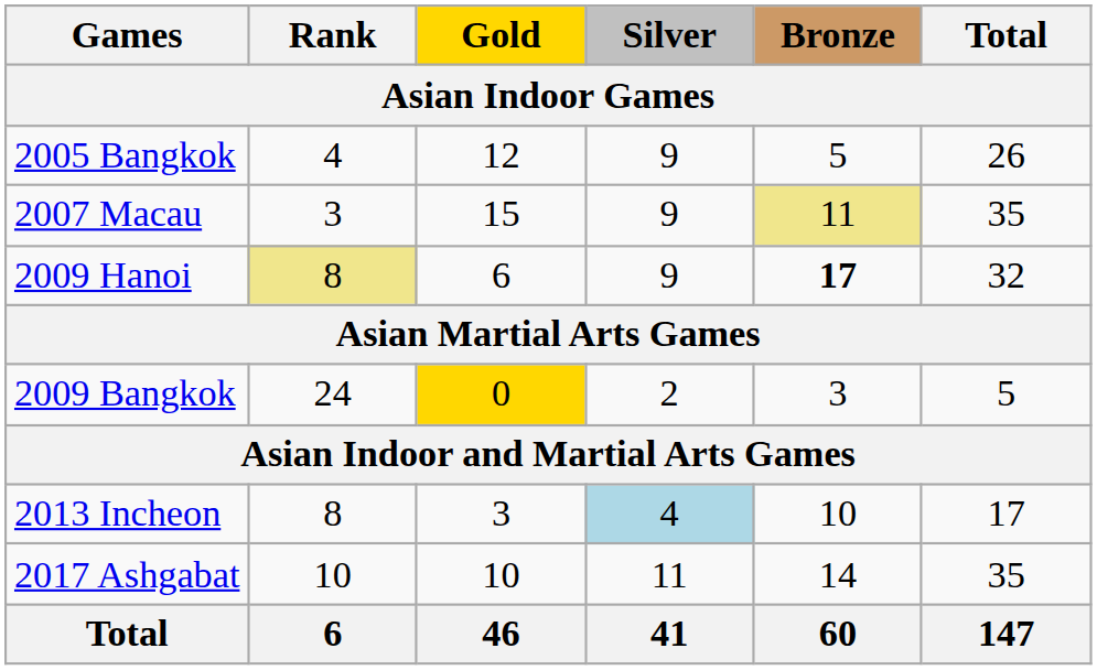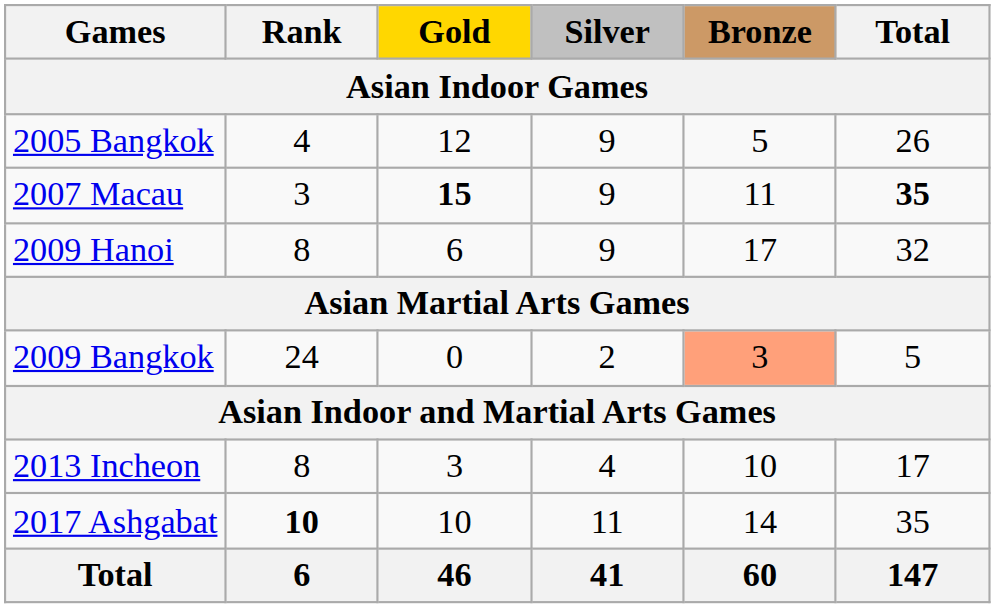 <table class="wikitable sortable" style="margin-top:0em; text-align:center; font-size:100%;">
 <tr>
 <th>Games</th>
 <th style="width:4em;">Rank</th>
 <th style="background:gold; width:4em;"><strong>Gold</strong></th>
 <th style="background:silver; width:4em;"><strong>Silver</strong></th>
 <th style="background:#cc9966; width:4em;"><strong>Bronze</strong></th>
 <th style="width:4em;">Total</th>
 </tr>
 <tr>
 <th colspan=6><strong>Asian Indoor Games</strong></th>
 </tr>
 <tr>
 <td align=left><a href='#'>2005 Bangkok</a></td>
 <td>4</td>
 <td>12</td>
 <td>9</td>
 <td>5</td>
 <td>26</td>
 </tr>
 <tr>
 <td align=left><a href='#'>2007 Macau</a></td>
 <td>3</td>
-<td>15</td>
+<td><strong>15</strong></td>
 <td>9</td>
-<td style="background: khaki;">11</td>
-<td>35</td>
+<td>11</td>
+<td><strong>35</strong></td>
 </tr>
 <tr>
 <td align=left><a href='#'>2009 Hanoi</a></td>
-<td style="background: khaki;">8</td>
+<td>8</td>
 <td>6</td>
 <td>9</td>
-<td><strong>17</strong></td>
+<td>17</td>
 <td>32</td>
 </tr>
 <tr>
 <th colspan=6><strong>Asian Martial Arts Games</strong></th>
 </tr>
 <tr>
 <td align=left><a href='#'>2009 Bangkok</a></td>
 <td>24</td>
-<td style="background: gold;">0</td>
+<td>0</td>
 <td>2</td>
-<td>3</td>
+<td style="background: lightsalmon;">3</td>
 <td>5</td>
 </tr>
 <tr>
 <th colspan=6><strong>Asian Indoor and Martial Arts Games</strong></th>
 </tr>
 <tr>
 <td align=left><a href='#'>2013 Incheon</a></td>
 <td>8</td>
 <td>3</td>
-<td style="background: lightblue;">4</td>
+<td>4</td>
 <td>10</td>
 <td>17</td>
 </tr>
 <tr>
 <td align=left><a href='#'>2017 Ashgabat</a></td>
-<td>10</td>
+<td><strong>10</strong></td>
 <td>10</td>
 <td>11</td>
 <td>14</td>
 <td>35</td>
 </tr>
 <tr>
 <th>Total</th>
 <th>6</th>
 <th>46</th>
 <th>41</th>
 <th>60</th>
 <th>147</th>
 </tr>
 </table>
